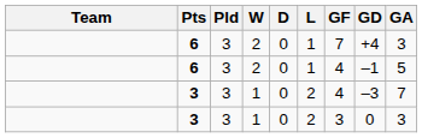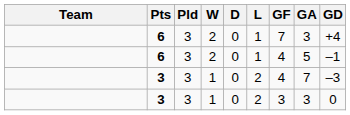 <table class="wikitable" style="text-align: center;">
 <tr>
 <th width=165>Team</th>
 <th width=20>Pts</th>
 <th width=20>Pld</th>
 <th width=20>W</th>
 <th width=20>D</th>
 <th width=20>L</th>
 <th width=20>GF</th>
+<th width=20>GA</th>
 <th width=20>GD</th>
-<th width=20>GA</th>
 </tr>
 <tr>
 <td style="text-align:left;"></td>
 <td><strong>6</strong></td>
 <td>3</td>
 <td>2</td>
 <td>0</td>
 <td>1</td>
 <td>7</td>
+<td>3</td>
 <td>+4</td>
-<td>3</td>
 </tr>
 <tr>
 <td style="text-align:left;"></td>
 <td><strong>6</strong></td>
 <td>3</td>
 <td>2</td>
 <td>0</td>
 <td>1</td>
 <td>4</td>
+<td>5</td>
 <td>–1</td>
-<td>5</td>
 </tr>
 <tr>
 <td style="text-align:left;"></td>
 <td><strong>3</strong></td>
 <td>3</td>
 <td>1</td>
 <td>0</td>
 <td>2</td>
 <td>4</td>
+<td>7</td>
 <td>–3</td>
-<td>7</td>
 </tr>
 <tr>
 <td style="text-align:left;"></td>
 <td><strong>3</strong></td>
 <td>3</td>
 <td>1</td>
 <td>0</td>
 <td>2</td>
 <td>3</td>
+<td>3</td>
 <td>0</td>
-<td>3</td>
 </tr>
 </table>
